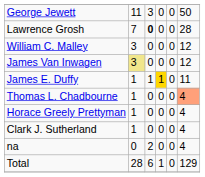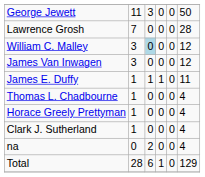 <table class="wikitable">
 <tr>
 </tr>
 <tr>
 <td><a href='#'>George Jewett</a></td>
 <td>11</td>
 <td>3</td>
 <td>0</td>
 <td>0</td>
 <td>50</td>
 </tr>
 <tr>
 <td>Lawrence Grosh</td>
 <td>7</td>
-<td><strong>0</strong></td>
+<td>0</td>
 <td>0</td>
 <td>0</td>
 <td>28</td>
 </tr>
 <tr>
 <td><a href='#'>William C. Malley</a></td>
 <td>3</td>
-<td>0</td>
+<td style="background: lightblue;">0</td>
 <td>0</td>
 <td>0</td>
 <td>12</td>
 </tr>
 <tr>
 <td><a href='#'>James Van Inwagen</a></td>
-<td style="background: khaki;">3</td>
+<td>3</td>
 <td>0</td>
 <td>0</td>
 <td>0</td>
 <td>12</td>
 </tr>
 <tr>
 <td><a href='#'>James E. Duffy</a></td>
 <td>1</td>
 <td>1</td>
-<td style="background: gold;">1</td>
+<td>1</td>
 <td>0</td>
 <td>11</td>
 </tr>
 <tr>
 <td><a href='#'>Thomas L. Chadbourne</a></td>
 <td>1</td>
 <td>0</td>
 <td>0</td>
 <td>0</td>
-<td style="background: lightsalmon;">4</td>
+<td>4</td>
 </tr>
 <tr>
 <td><a href='#'>Horace Greely Prettyman</a></td>
 <td>1</td>
 <td>0</td>
 <td>0</td>
 <td>0</td>
 <td>4</td>
 </tr>
 <tr>
 <td>Clark J. Sutherland</td>
 <td>1</td>
 <td>0</td>
 <td>0</td>
 <td>0</td>
 <td>4</td>
 </tr>
 <tr>
 <td>na</td>
 <td>0</td>
 <td>2</td>
 <td>0</td>
 <td>0</td>
 <td>4</td>
 </tr>
 <tr>
 <td>Total</td>
 <td>28</td>
 <td>6</td>
 <td>1</td>
 <td>0</td>
 <td>129</td>
 </tr>
 <tr>
 </tr>
 </table>
